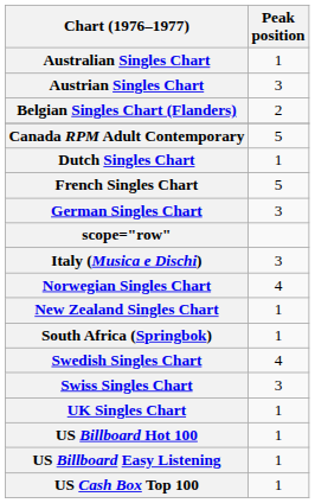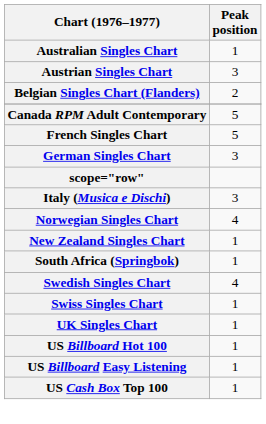 <table class="wikitable plainrowheaders sortable" style="text-align:center;">
 <tr>
 <th scope="col">Chart (1976–1977)</th>
 <th scope="col">Peak<br>position</th>
 </tr>
 <tr>
 <th scope="row">Australian <a href='#'>Singles Chart</a></th>
 <td>1</td>
 </tr>
 <tr>
 <th scope="row">Austrian <a href='#'>Singles Chart</a></th>
 <td>3</td>
 </tr>
 <tr>
 <th scope="row">Belgian <a href='#'>Singles Chart (Flanders)</a></th>
 <td>2</td>
 </tr>
 <tr>
 </tr>
 <tr>
 <th scope="row">Canada <em>RPM</em> Adult Contemporary</th>
 <td style="text-align:center;">5</td>
-</tr>
-<tr>
-<th scope="row">Dutch <a href='#'>Singles Chart</a></th>
-<td>1</td>
 </tr>
 <tr>
 <th scope="row">French Singles Chart</th>
 <td>5</td>
 </tr>
 <tr>
 <th scope="row"><a href='#'>German Singles Chart</a></th>
 <td>3</td>
 </tr>
 <tr>
 <th>scope="row"</th>
 </tr>
 <tr>
 <th scope="row">Italy (<em><a href='#'>Musica e Dischi</a></em>)</th>
 <td>3</td>
 </tr>
 <tr>
 <th scope="row"><a href='#'>Norwegian Singles Chart</a></th>
 <td>4</td>
 </tr>
 <tr>
 <th scope="row"><a href='#'>New Zealand Singles Chart</a></th>
 <td>1</td>
 </tr>
 <tr>
 <th scope="row">South Africa (<a href='#'>Springbok</a>)</th>
 <td align="center">1</td>
 </tr>
 <tr>
 <th scope="row"><a href='#'>Swedish Singles Chart</a></th>
 <td>4</td>
 </tr>
 <tr>
 <th scope="row"><a href='#'>Swiss Singles Chart</a></th>
-<td>3</td>
+<td>1</td>
 </tr>
 <tr>
 <th scope="row"><a href='#'>UK Singles Chart</a></th>
 <td>1</td>
 </tr>
 <tr>
 <th scope="row">US <a href='#'><em>Billboard</em> Hot 100</a></th>
 <td>1</td>
 </tr>
 <tr>
 <th scope="row">US <em><a href='#'>Billboard</a></em> <a href='#'>Easy Listening</a></th>
 <td>1</td>
 </tr>
 <tr>
 <th scope="row">US <a href='#'><em>Cash Box</em></a> Top 100</th>
 <td>1</td>
 </tr>
 </table>
